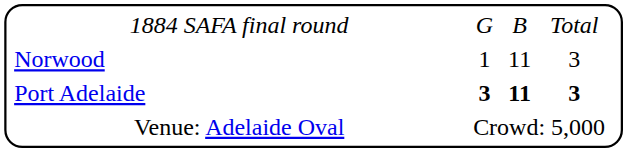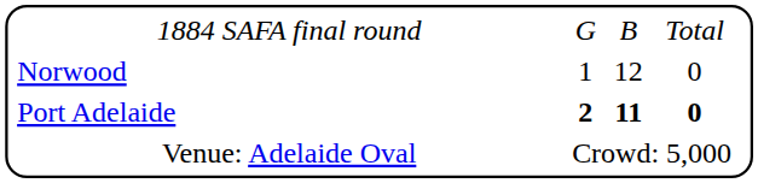 <table style="margin-right:4px; margin-top:8px; float:right; border:1px #000 solid; border-radius:8px; background:#fff; font-family:Verdana; font-size:8pt; text-align:center;">
 <tr>
 <td width="200"><em>1884 SAFA final round</em></td>
 <td><em>G</em></td>
 <td><em>B</em></td>
 <td><em>Total</em></td>
 </tr>
 <tr>
 <td style="text-align:left"><a href='#'>Norwood</a></td>
 <td>1</td>
-<td>11</td>
-<td>3</td>
+<td>12</td>
+<td>0</td>
 </tr>
 <tr>
 <td style="text-align:left"><a href='#'>Port Adelaide</a></td>
-<td><strong>3</strong></td>
+<td><strong>2</strong></td>
 <td><strong>11</strong></td>
-<td><strong>3</strong></td>
+<td><strong>0</strong></td>
 </tr>
 <tr>
 <td>Venue: <a href='#'>Adelaide Oval</a></td>
 <td colspan="3">Crowd: 5,000</td>
 <td colspan="3"></td>
 </tr>
 </table>
